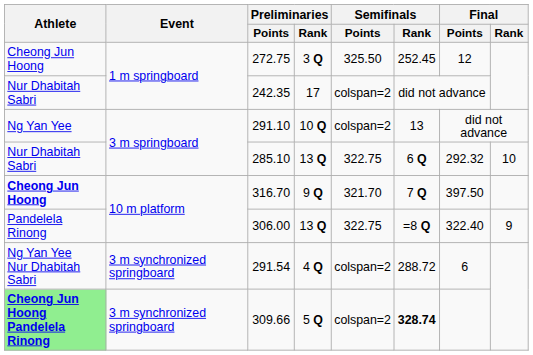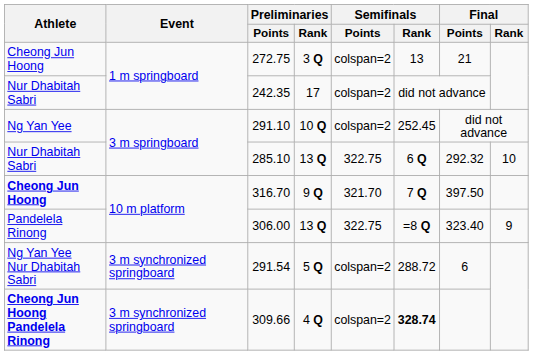 <table class=wikitable style="font-size:90%;">
 <tr>
 <th rowspan="2">Athlete</th>
 <th rowspan="2">Event</th>
 <th colspan="2">Preliminaries</th>
 <th colspan="2">Semifinals</th>
 <th colspan="2">Final</th>
 </tr>
 <tr style="font-size:95%">
 <th>Points</th>
 <th>Rank</th>
 <th>Points</th>
 <th>Rank</th>
 <th>Points</th>
 <th>Rank</th>
 </tr>
 <tr align=center>
 <td align=left><a href='#'>Cheong Jun Hoong</a></td>
 <td align=left rowspan=2><a href='#'>1 m springboard</a></td>
 <td>272.75</td>
 <td>3 <strong>Q</strong></td>
-<td>325.50</td>
-<td>252.45</td>
-<td>12</td>
+<td>colspan=2 </td>
+<td>13</td>
+<td>21</td>
 </tr>
 <tr align=center>
 <td align=left><a href='#'>Nur Dhabitah Sabri</a></td>
 <td>242.35</td>
 <td>17</td>
 <td>colspan=2 </td>
 <td colspan=2>did not advance</td>
 </tr>
 <tr align=center>
 <td align=left><a href='#'>Ng Yan Yee</a></td>
 <td align=left rowspan=2><a href='#'>3 m springboard</a></td>
 <td>291.10</td>
 <td>10 <strong>Q</strong></td>
 <td>colspan=2 </td>
-<td>13</td>
+<td>252.45</td>
 <td colspan=2>did not advance</td>
 </tr>
 <tr align=center>
 <td align=left><a href='#'>Nur Dhabitah Sabri</a></td>
 <td>285.10</td>
 <td>13 <strong>Q</strong></td>
 <td>322.75</td>
 <td>6 <strong>Q</strong></td>
 <td>292.32</td>
 <td>10</td>
 </tr>
 <tr align=center>
 <td align=left><strong><a href='#'>Cheong Jun Hoong</a></strong></td>
 <td align=left rowspan=2><a href='#'>10 m platform</a></td>
 <td>316.70</td>
 <td>9 <strong>Q</strong></td>
 <td>321.70</td>
 <td>7 <strong>Q</strong></td>
 <td>397.50</td>
 <td></td>
 </tr>
 <tr align=center>
 <td align=left><a href='#'>Pandelela Rinong</a></td>
 <td>306.00</td>
 <td>13 <strong>Q</strong></td>
 <td>322.75</td>
 <td>=8 <strong>Q</strong></td>
-<td>322.40</td>
+<td>323.40</td>
 <td>9</td>
 </tr>
 <tr align=center>
 <td align=left><a href='#'>Ng Yan Yee</a><br><a href='#'>Nur Dhabitah Sabri</a></td>
 <td align=left><a href='#'>3 m synchronized springboard</a></td>
 <td>291.54</td>
-<td>4 <strong>Q</strong></td>
+<td>5 <strong>Q</strong></td>
 <td>colspan=2 </td>
 <td>288.72</td>
 <td>6</td>
 </tr>
 <tr align=center>
-<td align=left style="background: lightgreen;"><strong><a href='#'>Cheong Jun Hoong</a><br><a href='#'>Pandelela Rinong</a></strong></td>
+<td align=left><strong><a href='#'>Cheong Jun Hoong</a><br><a href='#'>Pandelela Rinong</a></strong></td>
 <td align=left><a href='#'>3 m synchronized springboard</a></td>
 <td>309.66</td>
-<td>5 <strong>Q</strong></td>
+<td>4 <strong>Q</strong></td>
 <td>colspan=2 </td>
 <td><strong>328.74</strong></td>
 <td></td>
 </tr>
 </table>
